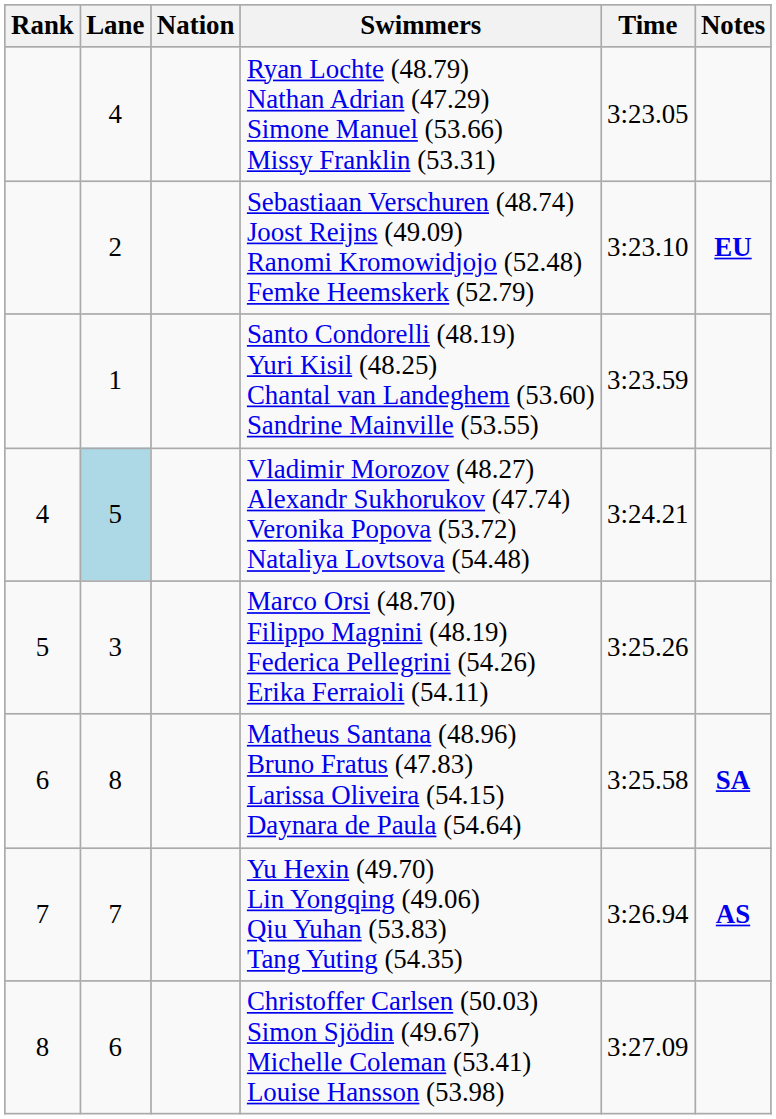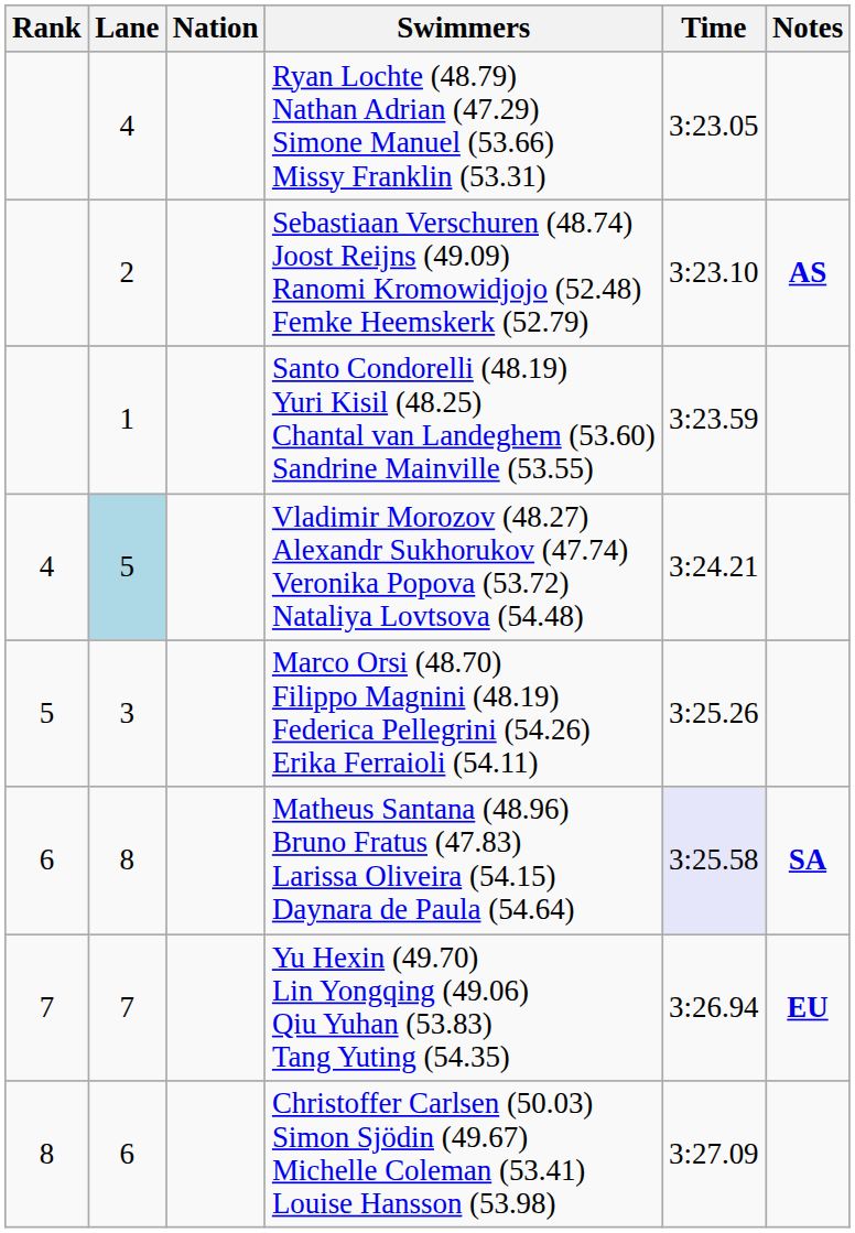 <table class="wikitable sortable" style="text-align:center">
 <tr>
 <th>Rank</th>
 <th>Lane</th>
 <th>Nation</th>
 <th>Swimmers</th>
 <th>Time</th>
 <th>Notes</th>
 </tr>
 <tr>
 <td></td>
 <td>4</td>
 <td align=left></td>
 <td align=left><a href='#'>Ryan Lochte</a> (48.79)<br><a href='#'>Nathan Adrian</a> (47.29)<br><a href='#'>Simone Manuel</a> (53.66)<br><a href='#'>Missy Franklin</a> (53.31)</td>
 <td>3:23.05</td>
 <td></td>
 </tr>
 <tr>
 <td></td>
 <td>2</td>
 <td align=left></td>
 <td align=left><a href='#'>Sebastiaan Verschuren</a> (48.74)<br><a href='#'>Joost Reijns</a> (49.09)<br><a href='#'>Ranomi Kromowidjojo</a> (52.48)<br><a href='#'>Femke Heemskerk</a> (52.79)</td>
 <td>3:23.10</td>
-<td><strong><a href='#'>EU</a></strong></td>
+<td><strong><a href='#'>AS</a></strong></td>
 </tr>
 <tr>
 <td></td>
 <td>1</td>
 <td align=left></td>
 <td align=left><a href='#'>Santo Condorelli</a> (48.19)<br><a href='#'>Yuri Kisil</a> (48.25)<br><a href='#'>Chantal van Landeghem</a> (53.60)<br><a href='#'>Sandrine Mainville</a> (53.55)</td>
 <td>3:23.59</td>
 <td></td>
 </tr>
 <tr>
 <td>4</td>
 <td style="background: lightblue;">5</td>
 <td align=left></td>
 <td align=left><a href='#'>Vladimir Morozov</a> (48.27)<br><a href='#'>Alexandr Sukhorukov</a> (47.74)<br><a href='#'>Veronika Popova</a> (53.72)<br><a href='#'>Nataliya Lovtsova</a> (54.48)</td>
 <td>3:24.21</td>
 <td></td>
 </tr>
 <tr>
 <td>5</td>
 <td>3</td>
 <td align=left></td>
 <td align=left><a href='#'>Marco Orsi</a> (48.70)<br><a href='#'>Filippo Magnini</a> (48.19)<br><a href='#'>Federica Pellegrini</a> (54.26)<br><a href='#'>Erika Ferraioli</a> (54.11)</td>
 <td>3:25.26</td>
 <td></td>
 </tr>
 <tr>
 <td>6</td>
 <td>8</td>
 <td align=left></td>
 <td align=left><a href='#'>Matheus Santana</a> (48.96)<br><a href='#'>Bruno Fratus</a>  (47.83)<br><a href='#'>Larissa Oliveira</a> (54.15)<br><a href='#'>Daynara de Paula</a> (54.64)</td>
-<td>3:25.58</td>
+<td style="background: lavender;">3:25.58</td>
 <td><strong><a href='#'>SA</a></strong></td>
 </tr>
 <tr>
 <td>7</td>
 <td>7</td>
 <td align=left></td>
 <td align=left><a href='#'>Yu Hexin</a> (49.70)<br><a href='#'>Lin Yongqing</a> (49.06)<br><a href='#'>Qiu Yuhan</a> (53.83)<br><a href='#'>Tang Yuting</a> (54.35)</td>
 <td>3:26.94</td>
-<td><strong><a href='#'>AS</a></strong></td>
+<td><strong><a href='#'>EU</a></strong></td>
 </tr>
 <tr>
 <td>8</td>
 <td>6</td>
 <td align=left></td>
 <td align=left><a href='#'>Christoffer Carlsen</a> (50.03)<br><a href='#'>Simon Sjödin</a> (49.67)<br><a href='#'>Michelle Coleman</a> (53.41)<br><a href='#'>Louise Hansson</a> (53.98)</td>
 <td>3:27.09</td>
 <td></td>
 </tr>
 </table>
